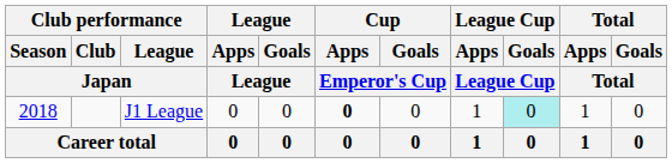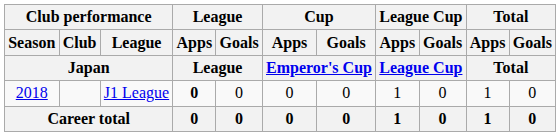 <table class="wikitable" style="text-align:center;">
 <tr>
 <th colspan=3>Club performance</th>
 <th colspan=2>League</th>
 <th colspan=2>Cup</th>
 <th colspan=2>League Cup</th>
 <th colspan=2>Total</th>
 </tr>
 <tr>
 <th>Season</th>
 <th>Club</th>
 <th>League</th>
 <th>Apps</th>
 <th>Goals</th>
 <th>Apps</th>
 <th>Goals</th>
 <th>Apps</th>
 <th>Goals</th>
 <th>Apps</th>
 <th>Goals</th>
 </tr>
 <tr>
 <th colspan=3>Japan</th>
 <th colspan=2>League</th>
 <th colspan=2><a href='#'>Emperor's Cup</a></th>
 <th colspan=2><a href='#'>League Cup</a></th>
 <th colspan=2>Total</th>
 </tr>
 <tr>
 <td><a href='#'>2018</a></td>
 <td rowspan="1"></td>
 <td rowspan="1"><a href='#'>J1 League</a></td>
+<td><strong>0</strong></td>
 <td>0</td>
 <td>0</td>
-<td><strong>0</strong></td>
 <td>0</td>
 <td>1</td>
-<td style="background: paleturquoise;">0</td>
+<td>0</td>
 <td>1</td>
 <td>0</td>
 </tr>
 <tr>
 <th colspan=3>Career total</th>
 <th>0</th>
 <th>0</th>
 <th>0</th>
 <th>0</th>
 <th>1</th>
 <th>0</th>
 <th>1</th>
 <th>0</th>
 </tr>
 </table>
